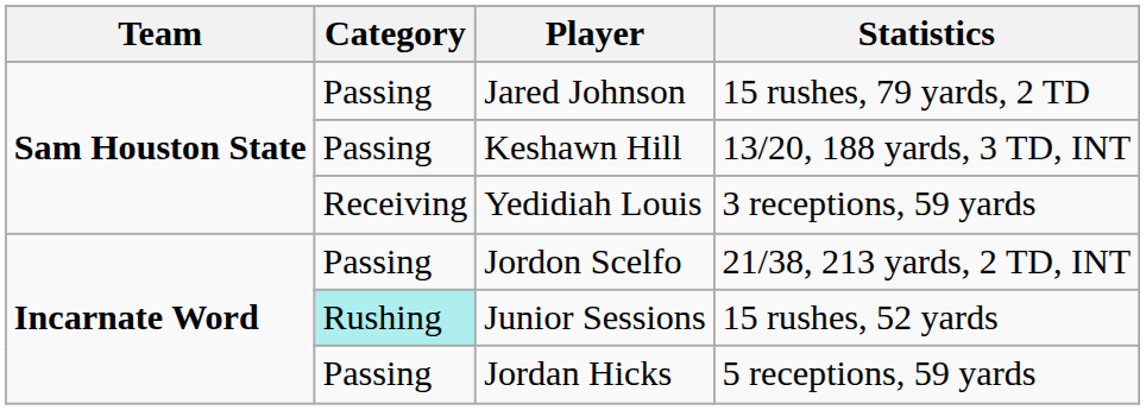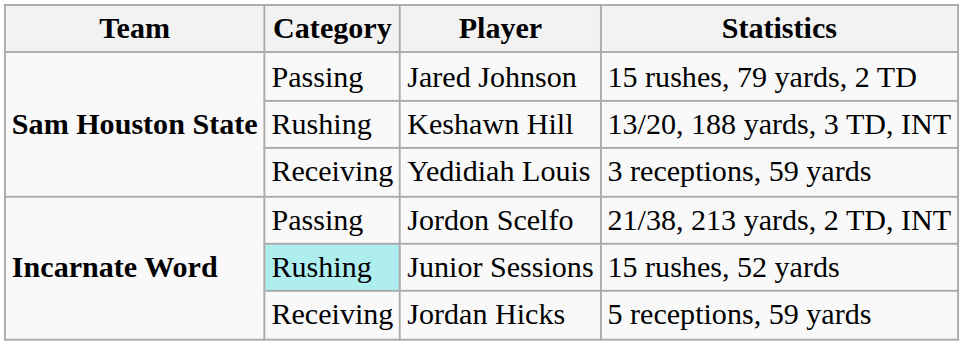 <table class="wikitable" style="float: left;">
 <tr>
 <th>Team</th>
 <th>Category</th>
 <th>Player</th>
 <th>Statistics</th>
 </tr>
 <tr>
 <td rowspan=3><strong>Sam Houston State</strong></td>
 <td>Passing</td>
 <td>Jared Johnson</td>
 <td>15 rushes, 79 yards, 2 TD</td>
 </tr>
 <tr>
-<td>Passing</td>
+<td>Rushing</td>
 <td>Keshawn Hill</td>
 <td>13/20, 188 yards, 3 TD, INT</td>
 </tr>
 <tr>
 <td>Receiving</td>
 <td>Yedidiah Louis</td>
 <td>3 receptions, 59 yards</td>
 </tr>
 <tr>
 <td rowspan=3><strong>Incarnate Word</strong></td>
 <td>Passing</td>
 <td>Jordon Scelfo</td>
 <td>21/38, 213 yards, 2 TD, INT</td>
 </tr>
 <tr>
 <td style="background: paleturquoise;">Rushing</td>
 <td>Junior Sessions</td>
 <td>15 rushes, 52 yards</td>
 </tr>
 <tr>
-<td>Passing</td>
+<td>Receiving</td>
 <td>Jordan Hicks</td>
 <td>5 receptions, 59 yards</td>
 </tr>
 </table>
